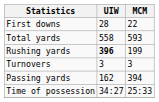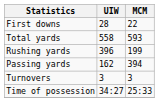 <table class="wikitable">
 <tr>
 <th>Statistics</th>
 <th>UIW</th>
 <th>MCM</th>
 </tr>
 <tr>
 <td>First downs</td>
 <td>28</td>
 <td>22</td>
 </tr>
 <tr>
 <td>Total yards</td>
 <td>558</td>
 <td>593</td>
 </tr>
 <tr>
 <td>Rushing yards</td>
-<td><strong>396</strong></td>
+<td>396</td>
 <td>199</td>
+</tr>
+<tr>
+<td>Passing yards</td>
+<td>162</td>
+<td>394</td>
 </tr>
 <tr>
 <td>Turnovers</td>
 <td>3</td>
 <td>3</td>
-</tr>
-<tr>
-<td>Passing yards</td>
-<td>162</td>
-<td>394</td>
 </tr>
 <tr>
 <td>Time of possession</td>
 <td>34:27</td>
 <td>25:33</td>
 </tr>
 <tr>
 </tr>
 </table>
